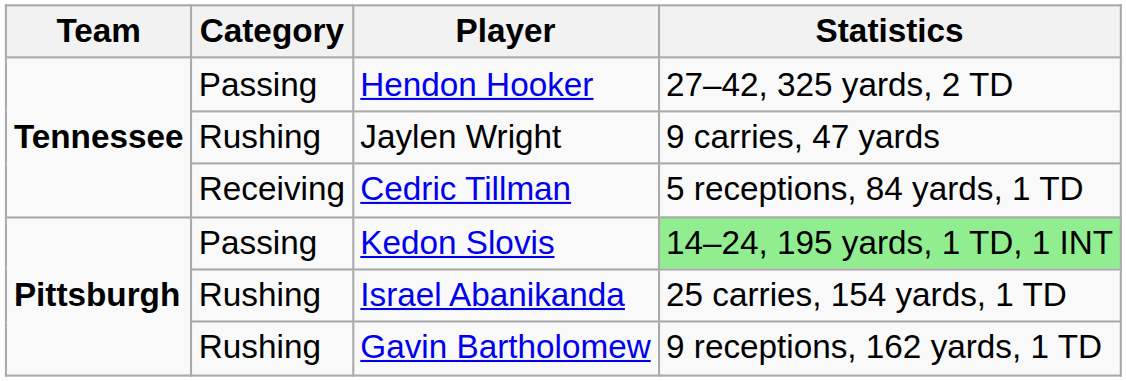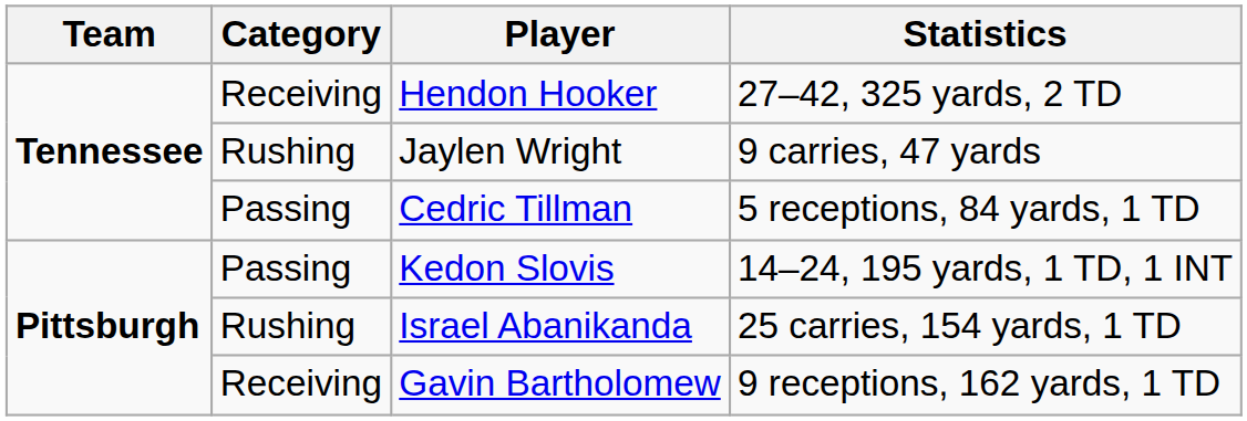 <table class="wikitable" style="float: right;">
 <tr>
 <th>Team</th>
 <th>Category</th>
 <th>Player</th>
 <th>Statistics</th>
 </tr>
 <tr>
 <td rowspan=3><strong>Tennessee</strong></td>
-<td>Passing</td>
+<td>Receiving</td>
 <td><a href='#'>Hendon Hooker</a></td>
 <td>27–42, 325 yards, 2 TD</td>
 </tr>
 <tr>
 <td>Rushing</td>
 <td>Jaylen Wright</td>
 <td>9 carries, 47 yards</td>
 </tr>
 <tr>
-<td>Receiving</td>
+<td>Passing</td>
 <td><a href='#'>Cedric Tillman</a></td>
 <td>5 receptions, 84 yards, 1 TD</td>
 </tr>
 <tr>
 <td rowspan=3><strong>Pittsburgh</strong></td>
 <td>Passing</td>
 <td><a href='#'>Kedon Slovis</a></td>
-<td style="background: lightgreen;">14–24, 195 yards, 1 TD, 1 INT</td>
+<td>14–24, 195 yards, 1 TD, 1 INT</td>
 </tr>
 <tr>
 <td>Rushing</td>
 <td><a href='#'>Israel Abanikanda</a></td>
 <td>25 carries, 154 yards, 1 TD</td>
 </tr>
 <tr>
-<td>Rushing</td>
+<td>Receiving</td>
 <td><a href='#'>Gavin Bartholomew</a></td>
 <td>9 receptions, 162 yards, 1 TD</td>
 </tr>
 </table>
